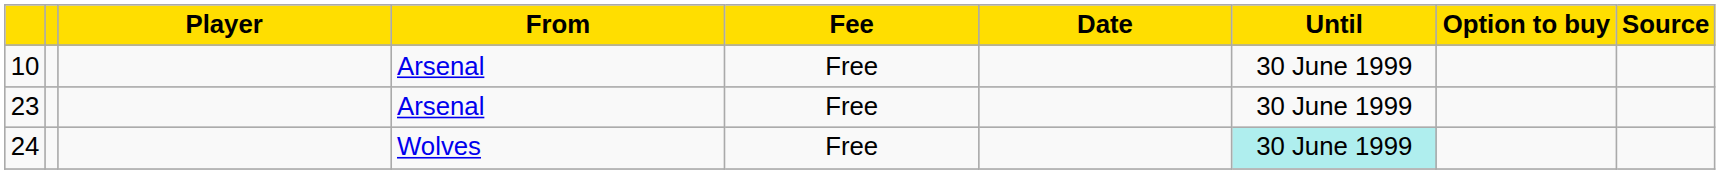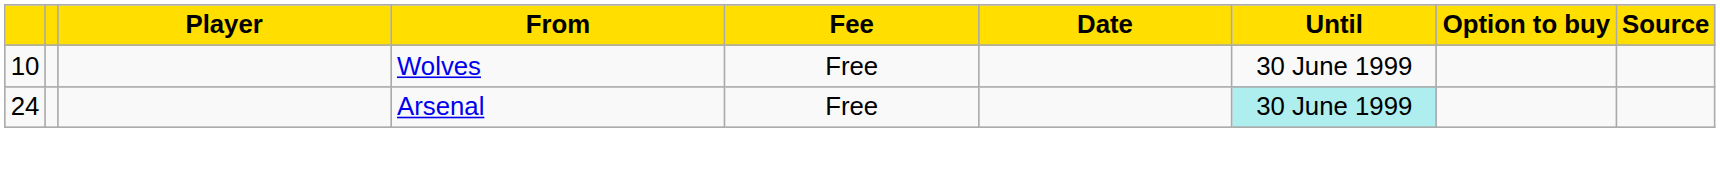 <table class="wikitable sortable">
 <tr>
 <th style="background:#FFDE00"></th>
 <th style="background:#FFDE00"></th>
 <th width=200 style="background:#FFDE00">Player</th>
 <th width=200 style="background:#FFDE00">From</th>
 <th width=150 style="background:#FFDE00">Fee</th>
 <th width=150 style="background:#FFDE00">Date</th>
 <th width=120 style="background:#FFDE00">Until</th>
 <th style="background:#FFDE00">Option to buy</th>
 <th style="background:#FFDE00">Source</th>
 </tr>
 <tr>
 <td align=center>10</td>
 <td align=center></td>
 <td></td>
-<td> <a href='#'>Arsenal</a></td>
-<td align=center>Free</td>
-<td align=center></td>
-<td align=center>30 June 1999</td>
-<td align=center></td>
-<td align=center></td>
-</tr>
-<tr>
-<td align=center>23</td>
-<td align=center></td>
-<td></td>
-<td> <a href='#'>Arsenal</a></td>
+<td> <a href='#'>Wolves</a></td>
 <td align=center>Free</td>
 <td align=center></td>
 <td align=center>30 June 1999</td>
 <td align=center></td>
 <td align=center></td>
 </tr>
 <tr>
 <td align=center>24</td>
 <td align=center></td>
 <td></td>
-<td> <a href='#'>Wolves</a></td>
+<td> <a href='#'>Arsenal</a></td>
 <td align=center>Free</td>
 <td align=center></td>
 <td align=center style="background: paleturquoise;">30 June 1999</td>
 <td align=center></td>
 <td align=center></td>
 </tr>
 </table>
